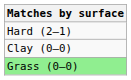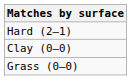 <table class=wikitable>
 <tr>
 <th>Matches by surface</th>
 </tr>
 <tr>
 <td>Hard (2–1)</td>
 </tr>
 <tr>
 <td>Clay (0–0)</td>
 </tr>
 <tr>
-<td style="background: lightgreen;">Grass (0–0)</td>
+<td>Grass (0–0)</td>
 </tr>
 </table>
